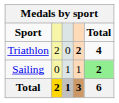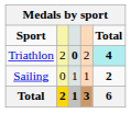 <table class="wikitable" style="font-size:95%; float:right;">
 <tr style="background:#efefef;">
 <th colspan=7>Medals by sport</th>
 </tr>
 <tr align=center>
 <td><strong>Sport</strong></td>
 <td style="background:#f7f6a8;"></td>
 <td style="background:#dce5e5;"></td>
 <td style="background:#ffdab9;"></td>
 <td><strong>Total</strong></td>
 </tr>
 <tr align=center>
 <td><a href='#'>Triathlon</a></td>
 <td style="background:#F7F6A8;">2</td>
-<td style="background:#DCE5E5;">0</td>
-<td style="background:#FFDAB9;"><strong>2</strong></td>
-<td><strong>4</strong></td>
+<td style="background:#DCE5E5;"><strong>0</strong></td>
+<td style="background:#FFDAB9;">2</td>
+<td style="background: paleturquoise;"><strong>4</strong></td>
 </tr>
 <tr align=center>
 <td><a href='#'>Sailing</a></td>
 <td style="background:#F7F6A8;">0</td>
 <td style="background:#DCE5E5;">1</td>
 <td style="background:#FFDAB9;">1</td>
-<td style="background: lightgreen;"><strong>2</strong></td>
+<td><strong>2</strong></td>
 </tr>
 <tr align=center>
 <th>Total</th>
 <th style="background:gold;">2</th>
 <th style="background:silver;">1</th>
 <th style="background:#c96;">3</th>
 <th>6</th>
 </tr>
 </table>
